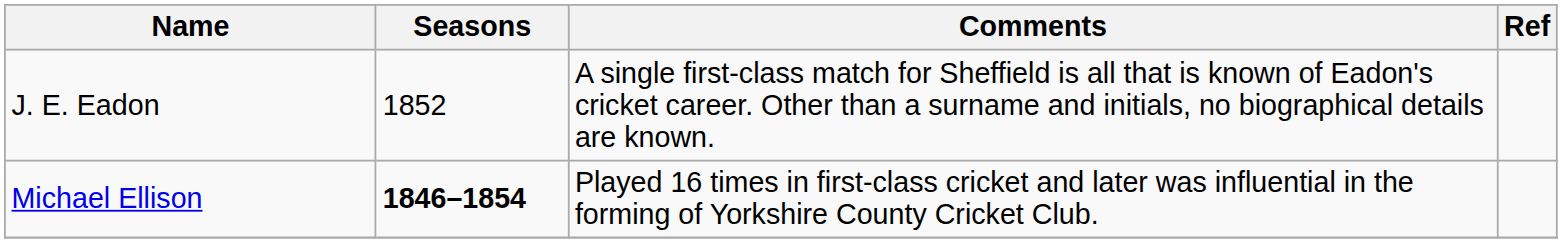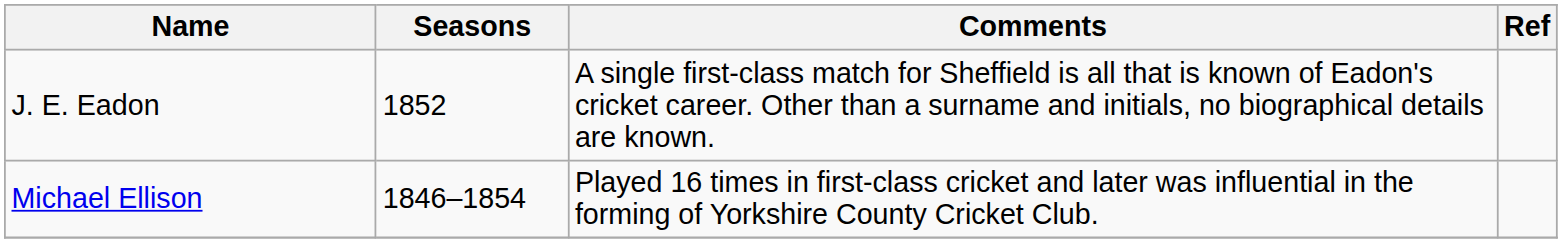 <table class="wikitable">
 <tr>
 <th style="width:200px">Name</th>
 <th style="width: 100px">Seasons</th>
 <th>Comments</th>
 <th>Ref</th>
 </tr>
 <tr>
 <td>J. E. Eadon</td>
 <td>1852</td>
 <td>A single first-class match for Sheffield is all that is known of Eadon's cricket career. Other than a surname and initials, no biographical details are known.</td>
 <td></td>
 </tr>
 <tr>
 <td><a href='#'>Michael Ellison</a></td>
-<td><strong>1846–1854</strong></td>
+<td>1846–1854</td>
 <td>Played 16 times in first-class cricket and later was influential in the forming of Yorkshire County Cricket Club.</td>
 <td></td>
 </tr>
 <tr>
 </tr>
 </table>
